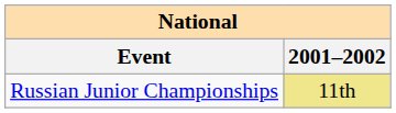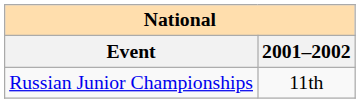 <table class="wikitable" style="text-align:center">
 <tr>
 <th style="background-color: #ffdead; " colspan=2 align=center><strong>National</strong></th>
 </tr>
 <tr>
 <th>Event</th>
 <th>2001–2002</th>
 </tr>
 <tr>
 <td align=left><a href='#'>Russian Junior Championships</a></td>
-<td style="background: khaki;">11th</td>
+<td>11th</td>
 </tr>
 </table>
